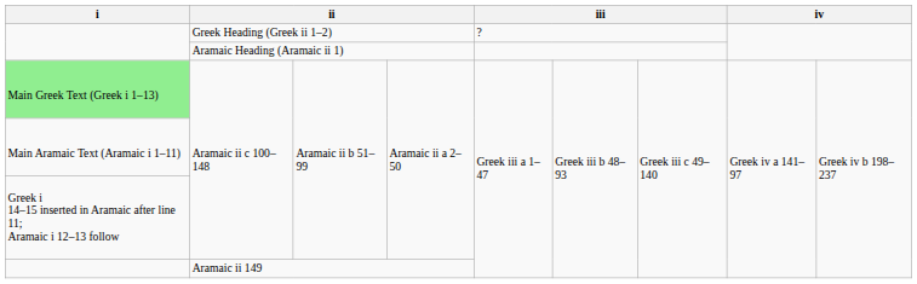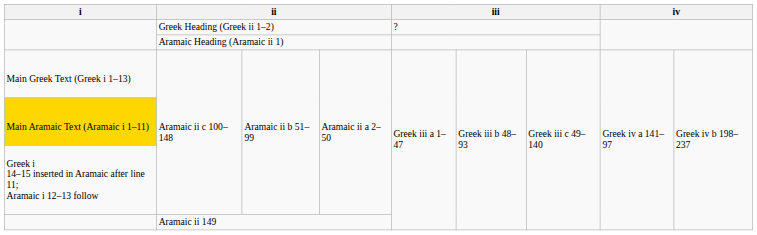 <table class="wikitable">
 <tr>
 <th>i</th>
 <th colspan="3">ii</th>
 <th colspan="3">iii</th>
 <th colspan="2">iv</th>
 </tr>
 <tr>
 <td rowspan="2"></td>
 <td colspan="3">Greek Heading (Greek ii 1–2)</td>
 <td colspan="3">?</td>
 <td colspan="2" rowspan="2"></td>
 </tr>
 <tr>
 <td colspan="3">Aramaic Heading (Aramaic ii 1)</td>
 <td colspan="3"></td>
 </tr>
 <tr>
-<td style="background: lightgreen;"><br><br>Main Greek Text (Greek i 1–13)<br><br></td>
+<td><br><br>Main Greek Text (Greek i 1–13)<br><br></td>
 <td rowspan="3">Aramaic ii c 100–148</td>
 <td rowspan="3">Aramaic ii b 51–99</td>
 <td rowspan="3">Aramaic ii a 2–50</td>
 <td rowspan="4">Greek iii a 1–47</td>
 <td rowspan="4">Greek iii b 48–93</td>
 <td rowspan="4">Greek iii c 49–140</td>
 <td rowspan="4">Greek iv a 141–97</td>
 <td rowspan="4">Greek iv b 198–237</td>
 </tr>
 <tr>
-<td><br><br>Main Aramaic Text (Aramaic i 1–11)<br><br></td>
+<td style="background: gold;"><br><br>Main Aramaic Text (Aramaic i 1–11)<br><br></td>
 </tr>
 <tr>
 <td><br>Greek i <br>14–15 inserted in Aramaic after line 11; <br>Aramaic i 12–13 follow<br><br></td>
 </tr>
 <tr>
 <td></td>
 <td colspan="3">Aramaic ii 149</td>
 </tr>
 </table>
